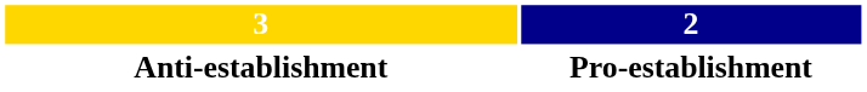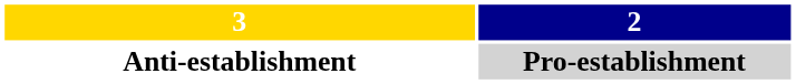 <table style="width:50%; text-align:center;">
 <tr style="color:white;">
 <td style="background:gold; width:60%;"><strong>3</strong></td>
 <td style="background:darkblue; width:40%;"><strong>2</strong></td>
 </tr>
 <tr>
 <td><span><strong>Anti-establishment</strong></span></td>
-<td><span><strong>Pro-establishment</strong></span></td>
+<td style="background: lightgrey;"><span><strong>Pro-establishment</strong></span></td>
 </tr>
 </table>
